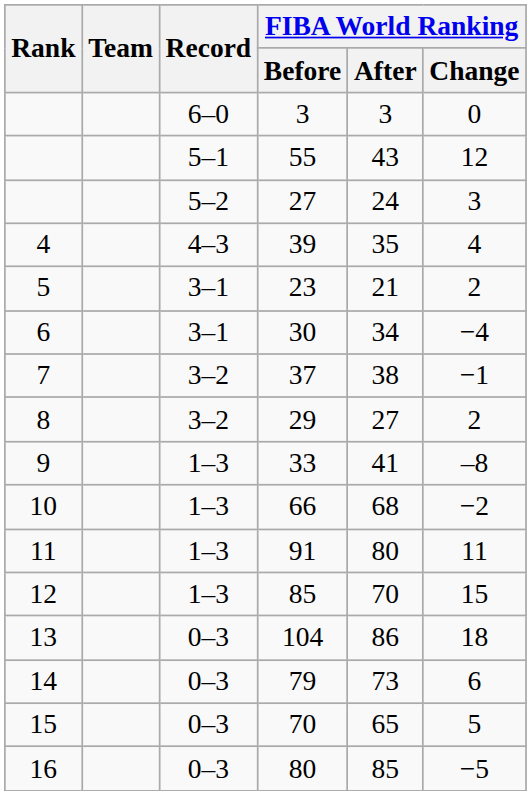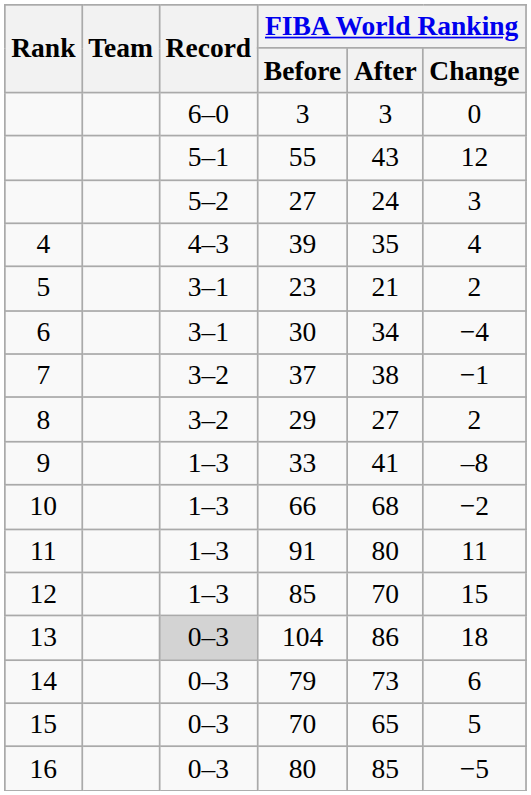 <table class="wikitable" style="text-align: center;">
 <tr>
 <th rowspan="2">Rank</th>
 <th rowspan="2">Team</th>
 <th rowspan="2">Record</th>
 <th colspan="3"><a href='#'>FIBA World Ranking</a></th>
 </tr>
 <tr>
 <th>Before</th>
 <th>After</th>
 <th>Change</th>
 </tr>
 <tr>
 <td></td>
 <td align="left"></td>
 <td>6–0</td>
 <td>3</td>
 <td>3</td>
 <td>0</td>
 </tr>
 <tr>
 <td></td>
 <td align="left"></td>
 <td>5–1</td>
 <td>55</td>
 <td>43</td>
 <td>12</td>
 </tr>
 <tr>
 <td></td>
 <td align="left"></td>
 <td>5–2</td>
 <td>27</td>
 <td>24</td>
 <td>3</td>
 </tr>
 <tr>
 <td>4</td>
 <td align="left"></td>
 <td>4–3</td>
 <td>39</td>
 <td>35</td>
 <td>4</td>
 </tr>
 <tr>
 <td>5</td>
 <td align="left"></td>
 <td>3–1</td>
 <td>23</td>
 <td>21</td>
 <td>2</td>
 </tr>
 <tr>
 <td>6</td>
 <td align="left"></td>
 <td>3–1</td>
 <td>30</td>
 <td>34</td>
 <td>−4</td>
 </tr>
 <tr>
 <td>7</td>
 <td align="left"></td>
 <td>3–2</td>
 <td>37</td>
 <td>38</td>
 <td>−1</td>
 </tr>
 <tr>
 <td>8</td>
 <td align="left"></td>
 <td>3–2</td>
 <td>29</td>
 <td>27</td>
 <td>2</td>
 </tr>
 <tr>
 <td>9</td>
 <td align="left"></td>
 <td>1–3</td>
 <td>33</td>
 <td>41</td>
 <td>–8</td>
 </tr>
 <tr>
 <td>10</td>
 <td align="left"></td>
 <td>1–3</td>
 <td>66</td>
 <td>68</td>
 <td>−2</td>
 </tr>
 <tr>
 <td>11</td>
 <td align="left"></td>
 <td>1–3</td>
 <td>91</td>
 <td>80</td>
 <td>11</td>
 </tr>
 <tr>
 <td>12</td>
 <td align="left"></td>
 <td>1–3</td>
 <td>85</td>
 <td>70</td>
 <td>15</td>
 </tr>
 <tr>
 <td>13</td>
 <td align="left"></td>
-<td>0–3</td>
+<td style="background: lightgrey;">0–3</td>
 <td>104</td>
 <td>86</td>
 <td>18</td>
 </tr>
 <tr>
 <td>14</td>
 <td align="left"></td>
 <td>0–3</td>
 <td>79</td>
 <td>73</td>
 <td>6</td>
 </tr>
 <tr>
 <td>15</td>
 <td align="left"></td>
 <td>0–3</td>
 <td>70</td>
 <td>65</td>
 <td>5</td>
 </tr>
 <tr>
 <td>16</td>
 <td align="left"></td>
 <td>0–3</td>
 <td>80</td>
 <td>85</td>
 <td>−5</td>
 </tr>
 </table>
